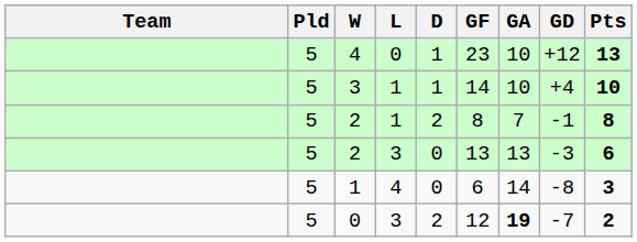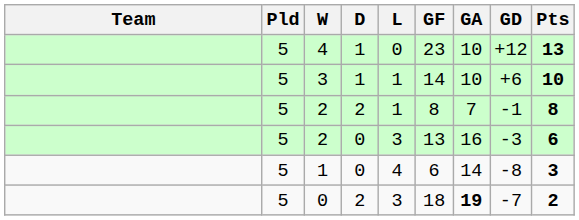 <table class="wikitable" style="text-align:center;">
 <tr>
 <th width=175>Team</th>
 <th width=20 abbr="Played">Pld</th>
 <th width=20 abbr="Won">W</th>
+<th width=20 abbr="Drawn">D</th>
 <th width=20 abbr="Lost">L</th>
-<th width=20 abbr="Drawn">D</th>
 <th width=20 abbr="Goals for">GF</th>
 <th width=20 abbr="Goals against">GA</th>
 <th width=20 abbr="Goal difference">GD</th>
 <th width=20 abbr="Points">Pts</th>
 </tr>
 <tr bgcolor=#ccffcc>
 <td align=left></td>
 <td>5</td>
 <td>4</td>
+<td>1</td>
 <td>0</td>
-<td>1</td>
 <td>23</td>
 <td>10</td>
 <td>+12</td>
 <td><strong>13</strong></td>
 </tr>
 <tr bgcolor=#ccffcc>
 <td align=left></td>
 <td>5</td>
 <td>3</td>
 <td>1</td>
 <td>1</td>
 <td>14</td>
 <td>10</td>
-<td>+4</td>
+<td>+6</td>
 <td><strong>10</strong></td>
 </tr>
 <tr bgcolor=#ccffcc>
 <td align=left></td>
 <td>5</td>
 <td>2</td>
+<td>2</td>
 <td>1</td>
-<td>2</td>
 <td>8</td>
 <td>7</td>
 <td>-1</td>
 <td><strong>8</strong></td>
 </tr>
 <tr bgcolor=#ccffcc>
 <td align=left></td>
 <td>5</td>
 <td>2</td>
+<td>0</td>
 <td>3</td>
-<td>0</td>
 <td>13</td>
-<td>13</td>
+<td>16</td>
 <td>-3</td>
 <td><strong>6</strong></td>
 </tr>
 <tr>
 <td align=left></td>
 <td>5</td>
 <td>1</td>
+<td>0</td>
 <td>4</td>
-<td>0</td>
 <td>6</td>
 <td>14</td>
 <td>-8</td>
 <td><strong>3</strong></td>
 </tr>
 <tr>
 <td align=left></td>
 <td>5</td>
 <td>0</td>
+<td>2</td>
 <td>3</td>
-<td>2</td>
-<td>12</td>
+<td>18</td>
 <td><strong>19</strong></td>
 <td>-7</td>
 <td><strong>2</strong></td>
 </tr>
 </table>
